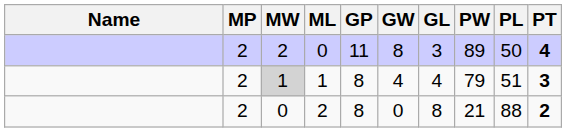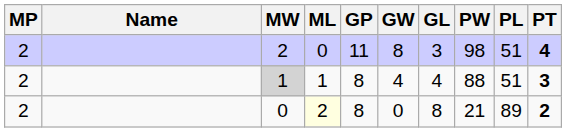 <table class=wikitable style="text-align:center">
 <tr>
+<th width=20>MP</th>
 <th width=175>Name</th>
-<th width=20>MP</th>
 <th width=20>MW</th>
 <th width=20>ML</th>
 <th width=20>GP</th>
 <th width=20>GW</th>
 <th width=20>GL</th>
 <th width=20>PW</th>
 <th width=20>PL</th>
 <th width=20>PT</th>
 </tr>
 <tr style="background-color:#ccccff;">
+<td>2</td>
 <td style="text-align:left;"><strong></strong></td>
-<td>2</td>
 <td>2</td>
 <td>0</td>
 <td>11</td>
 <td>8</td>
 <td>3</td>
-<td>89</td>
-<td>50</td>
+<td>98</td>
+<td>51</td>
 <td><strong>4</strong></td>
 </tr>
 <tr>
+<td>2</td>
 <td style="text-align:left;"></td>
-<td>2</td>
 <td style="background: lightgrey;">1</td>
 <td>1</td>
 <td>8</td>
 <td>4</td>
 <td>4</td>
-<td>79</td>
+<td>88</td>
 <td>51</td>
 <td><strong>3</strong></td>
 </tr>
 <tr>
+<td>2</td>
 <td style="text-align:left;"></td>
-<td>2</td>
 <td>0</td>
-<td>2</td>
+<td style="background: lightyellow;">2</td>
 <td>8</td>
 <td>0</td>
 <td>8</td>
 <td>21</td>
-<td>88</td>
+<td>89</td>
 <td><strong>2</strong></td>
 </tr>
 </table>
